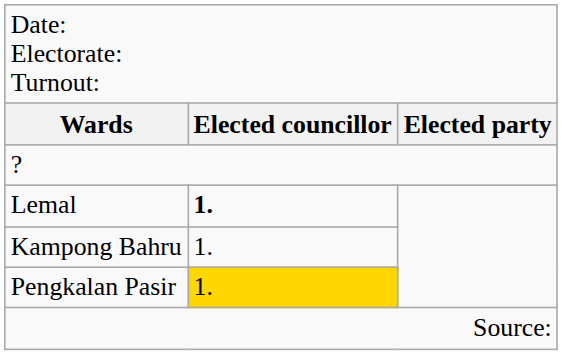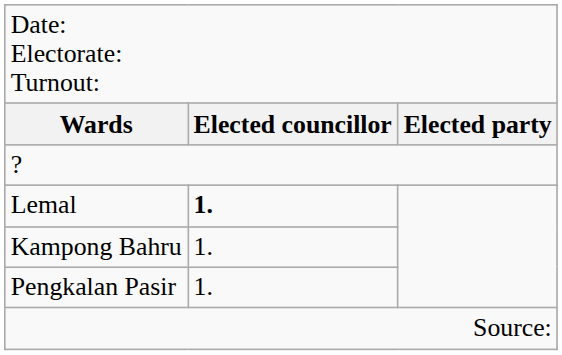 <table class=wikitable>
 <tr>
 <td colspan=3>Date: <br>Electorate: <br>Turnout:</td>
 </tr>
 <tr>
 <th>Wards</th>
 <th>Elected councillor</th>
 <th>Elected party</th>
 </tr>
 <tr>
 <td colspan=3>? </td>
 </tr>
 <tr>
 <td>Lemal</td>
 <td><strong>1.</strong></td>
 </tr>
 <tr>
 <td>Kampong Bahru</td>
 <td>1.</td>
 </tr>
 <tr>
 <td>Pengkalan Pasir</td>
-<td style="background: gold;">1.</td>
+<td>1.</td>
 </tr>
 <tr>
 <td colspan="3" style="text-align:right;">Source: </td>
 </tr>
 </table>
